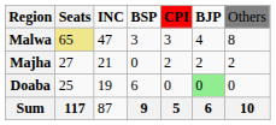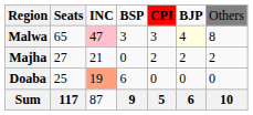 <table class="wikitable sortable">
 <tr>
 <th>Region</th>
 <th>Seats</th>
 <td><span><strong>INC</strong></span></td>
 <td><span><strong>BSP</strong></span></td>
 <td bgcolor="#FF0000"><span><strong>CPI</strong></span></td>
 <td style="text-align:center; background:"><strong>BJP</strong></td>
 <td style="background:gray;">Others</td>
 </tr>
 <tr>
 <th>Malwa</th>
-<td style="background: khaki;">65</td>
-<td>47</td>
+<td>65</td>
+<td style="background: pink;">47</td>
 <td>3</td>
 <td>3</td>
-<td>4</td>
+<td style="background: lightyellow;">4</td>
 <td>8</td>
 </tr>
 <tr>
 <th>Majha</th>
 <td>27</td>
 <td>21</td>
 <td>0</td>
 <td>2</td>
 <td>2</td>
 <td>2</td>
 </tr>
 <tr>
 <th>Doaba</th>
 <td>25</td>
-<td>19</td>
+<td style="background: lightsalmon;">19</td>
 <td>6</td>
 <td>0</td>
-<td style="background: lightgreen;">0</td>
+<td>0</td>
 <td>0</td>
 </tr>
 <tr>
 <th>Sum</th>
 <th>117</th>
 <td>87</td>
 <th>9</th>
 <th>5</th>
 <th>6</th>
 <th>10</th>
 </tr>
 </table>
